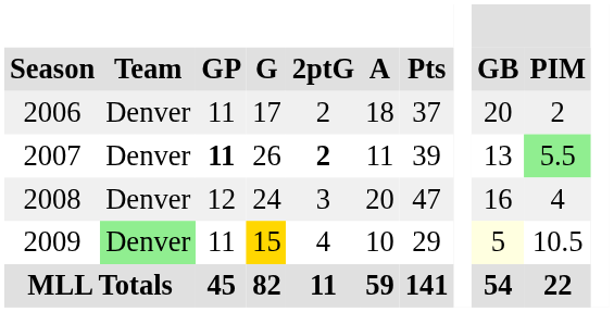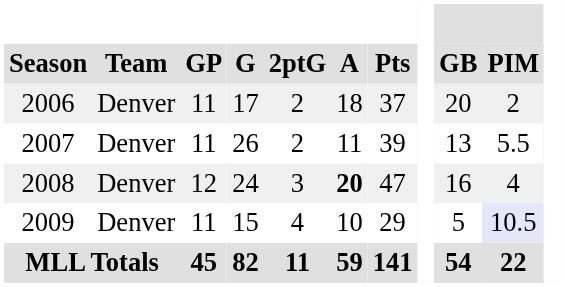 <table BORDER="0" CELLPADDING="3" CELLSPACING="0">
 <tr ALIGN="center" bgcolor="#e0e0e0">
 <th colspan="7" bgcolor="#ffffff"> </th>
 <th rowspan="99" bgcolor="#ffffff"> </th>
 <th colspan="7"> </th>
 <th rowspan="99" bgcolor="#ffffff"> </th>
 </tr>
 <tr ALIGN="center" bgcolor="#e0e0e0">
 <th>Season</th>
 <th>Team</th>
 <th>GP</th>
 <th>G</th>
 <th>2ptG</th>
 <th>A</th>
 <th>Pts</th>
 <th>GB</th>
 <th>PIM</th>
 </tr>
 <tr ALIGN="center" bgcolor="#f0f0f0">
 <td>2006</td>
 <td>Denver</td>
 <td>11</td>
 <td>17</td>
 <td>2</td>
 <td>18</td>
 <td>37</td>
 <td>20</td>
 <td>2</td>
 </tr>
 <tr ALIGN="center">
 <td>2007</td>
 <td>Denver</td>
-<td><strong>11</strong></td>
+<td>11</td>
 <td>26</td>
-<td><strong>2</strong></td>
+<td>2</td>
 <td>11</td>
 <td>39</td>
 <td>13</td>
-<td style="background: lightgreen;">5.5</td>
+<td>5.5</td>
 </tr>
 <tr ALIGN="center" bgcolor="#f0f0f0">
 <td>2008</td>
 <td>Denver</td>
 <td>12</td>
 <td>24</td>
 <td>3</td>
-<td>20</td>
+<td><strong>20</strong></td>
 <td>47</td>
 <td>16</td>
 <td>4</td>
 </tr>
 <tr ALIGN="center">
 <td>2009</td>
-<td style="background: lightgreen;">Denver</td>
+<td>Denver</td>
 <td>11</td>
-<td style="background: gold;">15</td>
+<td>15</td>
 <td>4</td>
 <td>10</td>
 <td>29</td>
-<td style="background: lightyellow;">5</td>
-<td>10.5</td>
+<td>5</td>
+<td style="background: lavender;">10.5</td>
 </tr>
 <tr ALIGN="center" bgcolor="#e0e0e0">
 <th colspan="2">MLL Totals</th>
 <th>45</th>
 <th>82</th>
 <th>11</th>
 <th>59</th>
 <th>141</th>
 <th>54</th>
 <th>22</th>
 </tr>
 </table>
